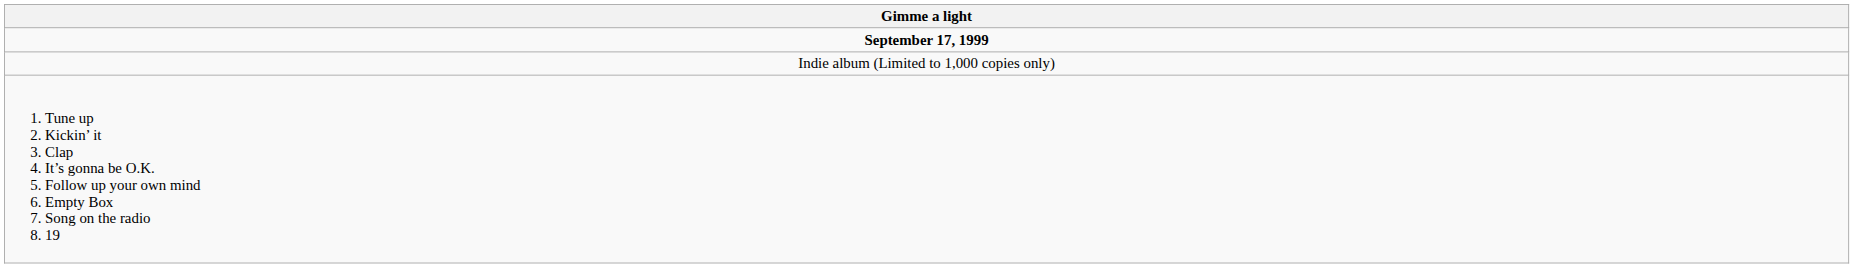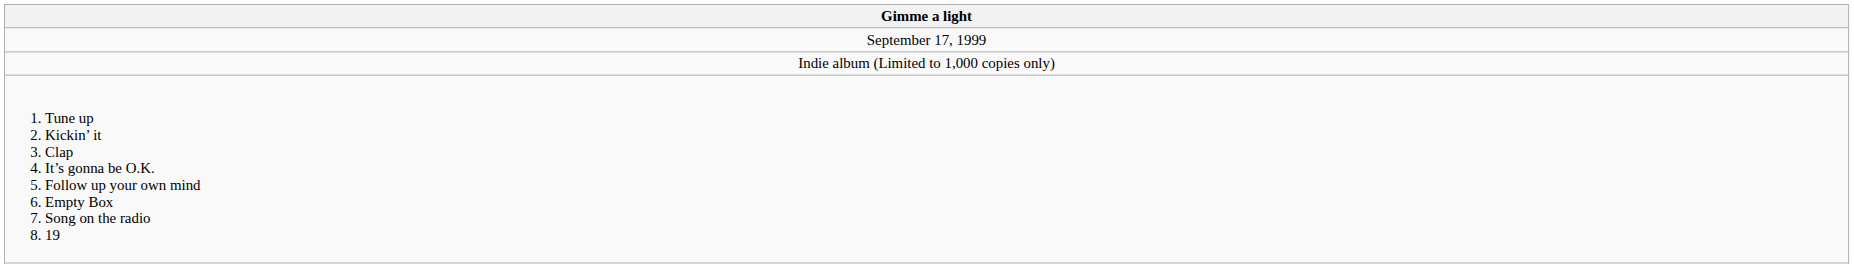 <table class="wikitable" style="width:100%">
 <tr>
 <th>Gimme a light</th>
 </tr>
 <tr>
-<td style="text-align:center"><strong>September 17, 1999</strong></td>
+<td style="text-align:center">September 17, 1999</td>
 </tr>
 <tr>
 <td style="text-align:center">Indie album (Limited to 1,000 copies only)</td>
 </tr>
 <tr>
 <td><br><ol><li>Tune up</li><li>Kickin’ it</li><li>Clap</li><li>It’s gonna be O.K.</li><li>Follow up your own mind</li><li>Empty Box</li><li>Song on the radio</li><li>19</li></ol></td>
 </tr>
 </table>
